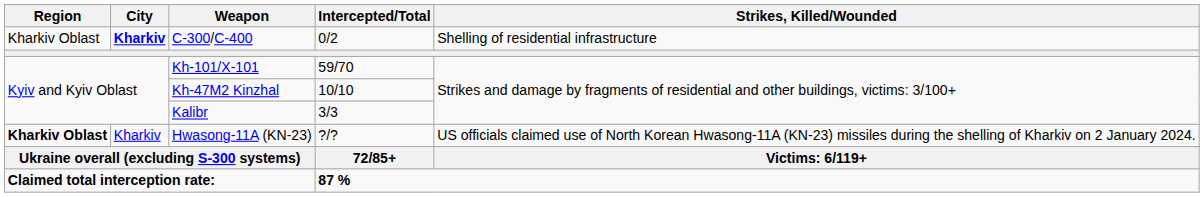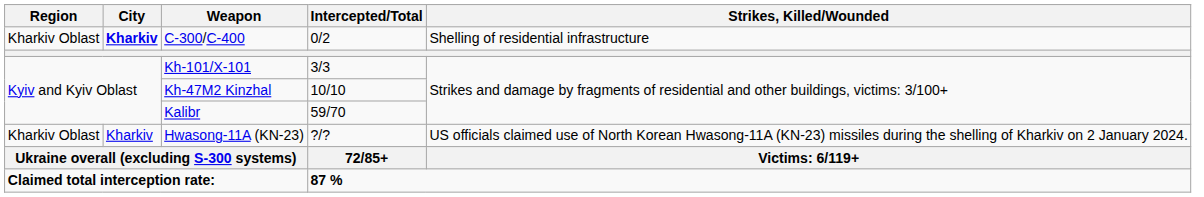 <table class="sortable wikitable vatop" style="font-size:83%">
 <tr>
 <th>Region</th>
 <th>City</th>
 <th>Weapon</th>
 <th>Intercepted/Total</th>
 <th>Strikes, Killed/Wounded</th>
 </tr>
 <tr>
 <td>Kharkiv Oblast</td>
 <td><strong><a href='#'>Kharkiv</a></strong></td>
 <td> <a href='#'>С-300</a>/<a href='#'>С-400</a></td>
 <td>0/2</td>
 <td>Shelling of residential infrastructure</td>
 </tr>
 <tr>
 <th colspan="5"></th>
 </tr>
 <tr>
 <td colspan="2" rowspan="3"><a href='#'>Kyiv</a> and Kyiv Oblast</td>
 <td> <a href='#'>Kh-101/X-101</a></td>
-<td>59/70</td>
+<td>3/3</td>
 <td rowspan="3">Strikes and damage by fragments of residential and other buildings, victims: 3/100+</td>
 </tr>
 <tr>
 <td> <a href='#'>Kh-47M2 Kinzhal</a></td>
 <td>10/10</td>
 </tr>
 <tr>
 <td> <a href='#'>Kalibr</a></td>
-<td>3/3</td>
+<td>59/70</td>
 </tr>
 <tr>
-<td><strong>Kharkiv Oblast</strong></td>
+<td>Kharkiv Oblast</td>
 <td><a href='#'>Kharkiv</a></td>
 <td> <a href='#'>Hwasong-11A</a> (KN-23)</td>
 <td>?/?</td>
 <td>US officials claimed use of North Korean Hwasong-11A (KN-23) missiles during the shelling of Kharkiv on 2 January 2024.</td>
 </tr>
 <tr>
 <th colspan="3">Ukraine overall (excluding <a href='#'>S-300</a> systems)</th>
 <th>72/85+</th>
 <th>Victims: 6/119+</th>
 </tr>
 <tr>
 <td colspan="3"><strong>Claimed total interception rate:</strong></td>
 <td colspan="2"><strong>87 %</strong></td>
 </tr>
 </table>
